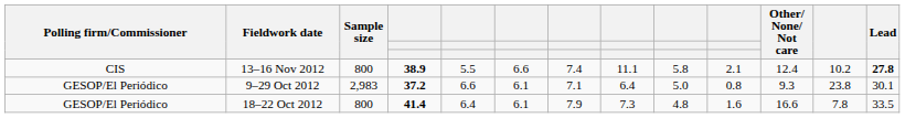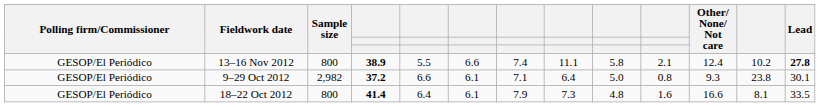 <table class="wikitable collapsible collapsed" style="text-align:center; font-size:90%; line-height:14px;">
 <tr style="height:42px;">
 <th style="width:250px;" rowspan="3">Polling firm/Commissioner</th>
 <th style="width:125px;" rowspan="3">Fieldwork date</th>
 <th style="width:50px;" rowspan="3">Sample size</th>
 <th style="width:55px;"></th>
 <th style="width:55px;"></th>
 <th style="width:55px;"></th>
 <th style="width:55px;"></th>
 <th style="width:55px;"></th>
 <th style="width:55px;"></th>
 <th style="width:55px;"></th>
 <th style="width:55px;" rowspan="3">Other/<br>None/<br>Not<br>care</th>
 <th style="width:55px;" rowspan="3"></th>
 <th style="width:30px;" rowspan="3">Lead</th>
 </tr>
 <tr>
 <th style="color:inherit;background:"></th>
 <th style="color:inherit;background:"></th>
 <th style="color:inherit;background:"></th>
 <th style="color:inherit;background:"></th>
 <th style="color:inherit;background:"></th>
 <th style="color:inherit;background:"></th>
 <th style="color:inherit;background:"></th>
 </tr>
 <tr>
 <th></th>
 <th></th>
 <th></th>
 <th></th>
 <th></th>
 <th></th>
 <th></th>
 </tr>
 <tr>
-<td>CIS</td>
+<td>GESOP/El Periódico</td>
 <td>13–16 Nov 2012</td>
 <td>800</td>
 <td><strong>38.9</strong></td>
 <td>5.5</td>
 <td>6.6</td>
 <td>7.4</td>
 <td>11.1</td>
 <td>5.8</td>
 <td>2.1</td>
 <td>12.4</td>
 <td>10.2</td>
 <td style="background:"><strong>27.8</strong></td>
 </tr>
 <tr>
 <td>GESOP/El Periódico</td>
 <td>9–29 Oct 2012</td>
-<td>2,983</td>
+<td>2,982</td>
 <td><strong>37.2</strong></td>
 <td>6.6</td>
 <td>6.1</td>
 <td>7.1</td>
 <td>6.4</td>
 <td>5.0</td>
 <td>0.8</td>
 <td>9.3</td>
 <td>23.8</td>
 <td style="background:">30.1</td>
 </tr>
 <tr>
 <td>GESOP/El Periódico</td>
 <td>18–22 Oct 2012</td>
 <td>800</td>
 <td><strong>41.4</strong></td>
 <td>6.4</td>
 <td>6.1</td>
 <td>7.9</td>
 <td>7.3</td>
 <td>4.8</td>
 <td>1.6</td>
 <td>16.6</td>
-<td>7.8</td>
+<td>8.1</td>
 <td style="background:">33.5</td>
 </tr>
 </table>
